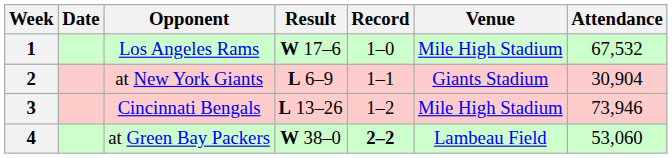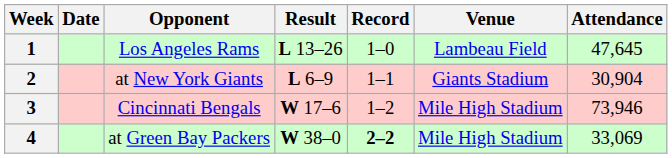 <table class="wikitable" style="text-align:center">
 <tr>
 <th>Week</th>
 <th>Date</th>
 <th>Opponent</th>
 <th>Result</th>
 <th>Record</th>
 <th>Venue</th>
 <th>Attendance</th>
 </tr>
 <tr style="background:#cfc">
 <th>1</th>
 <td></td>
 <td><a href='#'>Los Angeles Rams</a></td>
-<td><strong>W</strong> 17–6</td>
+<td><strong>L</strong> 13–26</td>
 <td>1–0</td>
-<td><a href='#'>Mile High Stadium</a></td>
-<td>67,532</td>
+<td><a href='#'>Lambeau Field</a></td>
+<td>47,645</td>
 </tr>
 <tr style="background:#fcc">
 <th>2</th>
 <td></td>
 <td>at <a href='#'>New York Giants</a></td>
 <td><strong>L</strong> 6–9</td>
 <td>1–1</td>
 <td><a href='#'>Giants Stadium</a></td>
 <td>30,904</td>
 </tr>
 <tr style="background:#fcc">
 <th>3</th>
 <td></td>
 <td><a href='#'>Cincinnati Bengals</a></td>
-<td><strong>L</strong> 13–26</td>
+<td><strong>W</strong> 17–6</td>
 <td>1–2</td>
 <td><a href='#'>Mile High Stadium</a></td>
 <td>73,946</td>
 </tr>
 <tr style="background:#cfc">
 <th>4</th>
 <td></td>
 <td>at <a href='#'>Green Bay Packers</a></td>
 <td><strong>W</strong> 38–0</td>
 <td><strong>2–2</strong></td>
-<td><a href='#'>Lambeau Field</a></td>
-<td>53,060</td>
+<td><a href='#'>Mile High Stadium</a></td>
+<td>33,069</td>
 </tr>
 </table>
